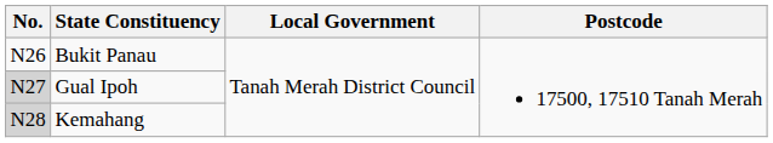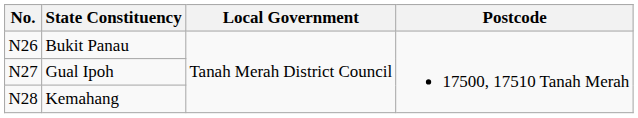 <table class="wikitable">
 <tr>
 <th>No.</th>
 <th>State Constituency</th>
 <th>Local Government</th>
 <th>Postcode</th>
 </tr>
 <tr>
 <td>N26</td>
 <td>Bukit Panau</td>
 <td rowspan="3">Tanah Merah District Council</td>
 <td rowspan="3"><br><ul><li>17500, 17510 Tanah Merah</li></ul></td>
 </tr>
 <tr>
-<td style="background: lightgrey;">N27</td>
+<td>N27</td>
 <td>Gual Ipoh</td>
 </tr>
 <tr>
-<td style="background: lightgrey;">N28</td>
+<td>N28</td>
 <td>Kemahang</td>
 </tr>
 </table>
